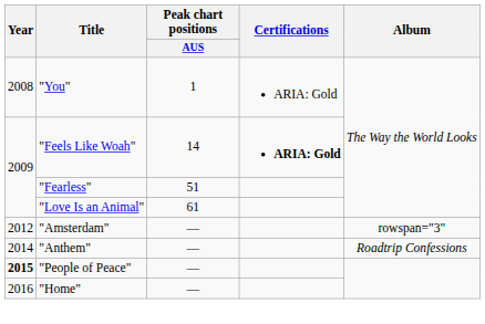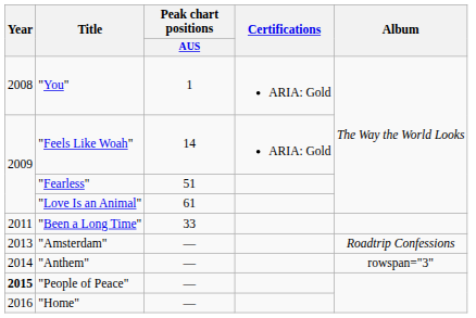 <table class="wikitable" style=text-align:center;>
 <tr>
 <th rowspan=2>Year</th>
 <th rowspan=2>Title</th>
 <th>Peak chart positions</th>
 <th rowspan=2><a href='#'>Certifications</a></th>
 <th rowspan=2>Album</th>
 </tr>
 <tr>
 <th style="width:8em;font-size:85%"><a href='#'>AUS</a><br></th>
 </tr>
 <tr>
 <td>2008</td>
 <td style="text-align:left;">"<a href='#'>You</a>"</td>
 <td>1</td>
 <td style="text-align:left;"><br><ul><li>ARIA: Gold</li></ul></td>
 <td rowspan="4"><em>The Way the World Looks</em></td>
 </tr>
 <tr>
 <td rowspan="3">2009</td>
 <td style="text-align:left;">"<a href='#'>Feels Like Woah</a>"</td>
 <td>14</td>
-<td style="text-align:left;"><strong><br><ul><li>ARIA: Gold</li></ul></strong></td>
+<td style="text-align:left;"><br><ul><li>ARIA: Gold</li></ul></td>
 </tr>
 <tr>
 <td style="text-align:left;">"<a href='#'>Fearless</a>"</td>
 <td>51</td>
 <td></td>
 </tr>
 <tr>
 <td style="text-align:left;">"<a href='#'>Love Is an Animal</a>"</td>
 <td>61</td>
 <td></td>
 </tr>
 <tr>
-<td>2012</td>
+<td>2011</td>
+<td style="text-align:left;">"<a href='#'>Been a Long Time</a>"</td>
+<td>33</td>
+<td></td>
+<td></td>
+</tr>
+<tr>
+<td>2013</td>
 <td style="text-align:left;">"Amsterdam"</td>
 <td>—</td>
 <td></td>
-<td>rowspan="3" </td>
+<td><em>Roadtrip Confessions</em></td>
 </tr>
 <tr>
 <td>2014</td>
 <td style="text-align:left;">"Anthem"</td>
 <td>—</td>
 <td></td>
-<td><em>Roadtrip Confessions</em></td>
+<td>rowspan="3" </td>
 </tr>
 <tr>
 <td><strong>2015</strong></td>
 <td style="text-align:left;">"People of Peace"</td>
 <td>—</td>
 <td></td>
 </tr>
 <tr>
 <td>2016</td>
 <td style="text-align:left;">"Home"</td>
 <td>—</td>
 <td></td>
 </tr>
 </table>
